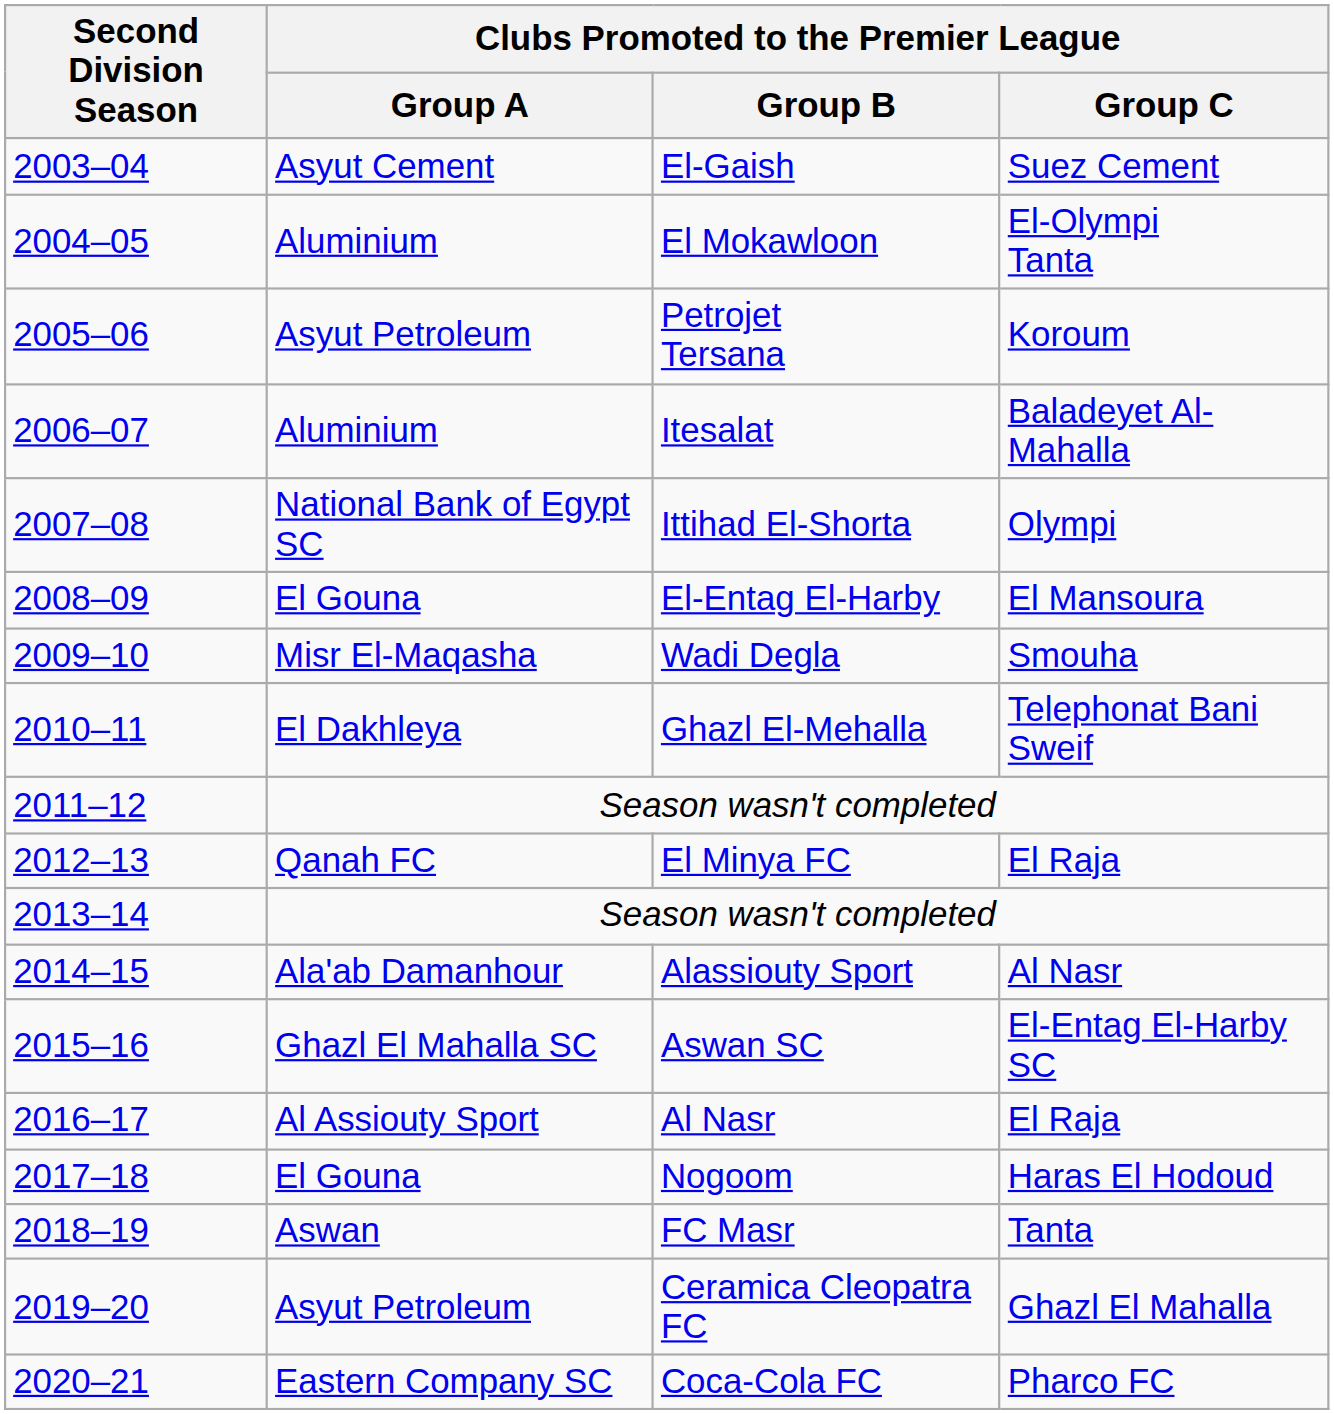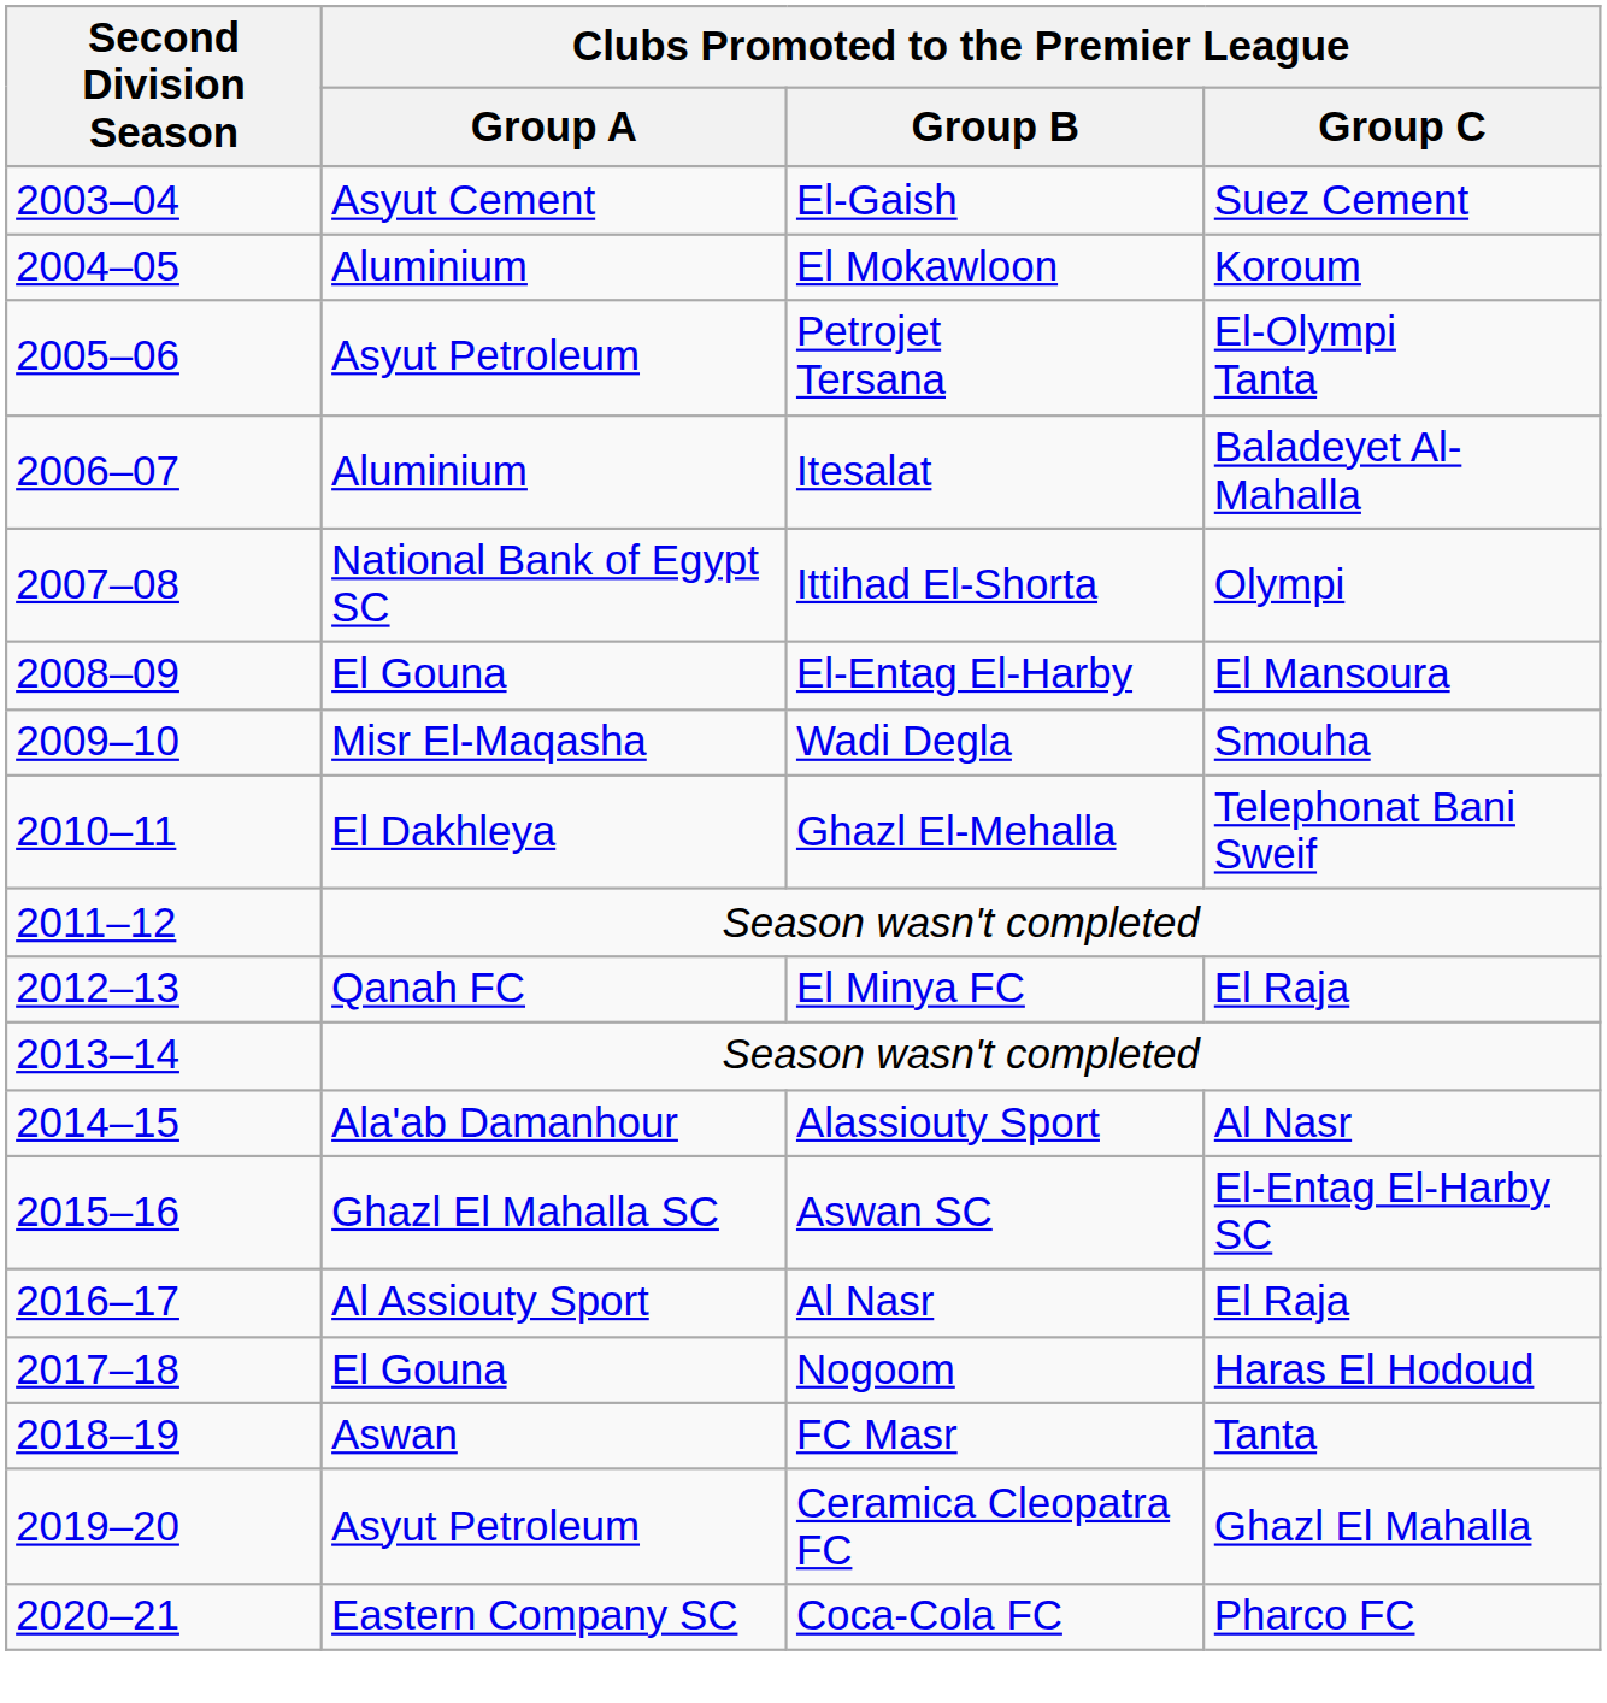 <table class="wikitable" style="text–align:left;">
 <tr>
 <th rowspan="2">Second Division <br> Season</th>
 <th colspan="3" style="text–align: center;">Clubs Promoted to the Premier League</th>
 </tr>
 <tr>
 <th>Group A</th>
 <th>Group B</th>
 <th>Group C</th>
 </tr>
 <tr>
 <td><a href='#'>2003–04</a></td>
 <td><a href='#'>Asyut Cement</a></td>
 <td><a href='#'>El-Gaish</a></td>
 <td><a href='#'>Suez Cement</a></td>
 </tr>
 <tr>
 <td><a href='#'>2004–05</a></td>
 <td><a href='#'>Aluminium</a></td>
 <td><a href='#'>El Mokawloon</a></td>
-<td><a href='#'>El-Olympi</a><br><a href='#'>Tanta</a></td>
+<td><a href='#'>Koroum</a></td>
 </tr>
 <tr>
 <td><a href='#'>2005–06</a></td>
 <td><a href='#'>Asyut Petroleum</a></td>
 <td><a href='#'>Petrojet</a><br><a href='#'>Tersana</a></td>
-<td><a href='#'>Koroum</a></td>
+<td><a href='#'>El-Olympi</a><br><a href='#'>Tanta</a></td>
 </tr>
 <tr>
 <td><a href='#'>2006–07</a></td>
 <td><a href='#'>Aluminium</a></td>
 <td><a href='#'>Itesalat</a></td>
 <td><a href='#'>Baladeyet Al-Mahalla</a></td>
 </tr>
 <tr>
 <td><a href='#'>2007–08</a></td>
 <td><a href='#'>National Bank of Egypt SC</a></td>
 <td><a href='#'>Ittihad El-Shorta</a></td>
 <td><a href='#'>Olympi</a></td>
 </tr>
 <tr>
 <td><a href='#'>2008–09</a></td>
 <td><a href='#'>El Gouna</a></td>
 <td><a href='#'>El-Entag El-Harby</a></td>
 <td><a href='#'>El Mansoura</a></td>
 </tr>
 <tr>
 <td><a href='#'>2009–10</a></td>
 <td><a href='#'>Misr El-Maqasha</a></td>
 <td><a href='#'>Wadi Degla</a></td>
 <td><a href='#'>Smouha</a></td>
 </tr>
 <tr>
 <td><a href='#'>2010–11</a></td>
 <td><a href='#'>El Dakhleya</a></td>
 <td><a href='#'>Ghazl El-Mehalla</a></td>
 <td><a href='#'>Telephonat Bani Sweif</a></td>
 </tr>
 <tr>
 <td><a href='#'>2011–12</a></td>
 <td colspan="3" style="text-align:center;"><em>Season wasn't completed</em></td>
 </tr>
 <tr>
 <td><a href='#'>2012–13</a></td>
 <td><a href='#'>Qanah FC</a></td>
 <td><a href='#'>El Minya FC</a></td>
 <td><a href='#'>El Raja</a></td>
 </tr>
 <tr>
 <td><a href='#'>2013–14</a></td>
 <td colspan="3" style="text-align:center;"><em> Season wasn't completed</em></td>
 </tr>
 <tr>
 <td><a href='#'>2014–15</a></td>
 <td><a href='#'>Ala'ab Damanhour</a></td>
 <td><a href='#'>Alassiouty Sport</a></td>
 <td><a href='#'>Al Nasr</a></td>
 </tr>
 <tr>
 <td><a href='#'>2015–16</a></td>
 <td><a href='#'>Ghazl El Mahalla SC</a></td>
 <td><a href='#'>Aswan SC</a></td>
 <td><a href='#'>El-Entag El-Harby SC</a></td>
 </tr>
 <tr>
 <td><a href='#'>2016–17</a></td>
 <td><a href='#'>Al Assiouty Sport</a></td>
 <td><a href='#'>Al Nasr</a></td>
 <td><a href='#'>El Raja</a></td>
 </tr>
 <tr>
 <td><a href='#'>2017–18</a></td>
 <td><a href='#'>El Gouna</a></td>
 <td><a href='#'>Nogoom</a></td>
 <td><a href='#'>Haras El Hodoud</a></td>
 </tr>
 <tr>
 <td><a href='#'>2018–19</a></td>
 <td><a href='#'>Aswan</a></td>
 <td><a href='#'>FC Masr</a></td>
 <td><a href='#'>Tanta</a></td>
 </tr>
 <tr>
 <td><a href='#'>2019–20</a></td>
 <td><a href='#'>Asyut Petroleum</a></td>
 <td><a href='#'>Ceramica Cleopatra FC</a></td>
 <td><a href='#'>Ghazl El Mahalla</a></td>
 </tr>
 <tr>
 <td><a href='#'>2020–21</a></td>
 <td><a href='#'>Eastern Company SC</a></td>
 <td><a href='#'>Coca-Cola FC</a></td>
 <td><a href='#'>Pharco FC</a></td>
 </tr>
 </table>
